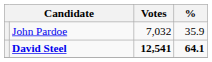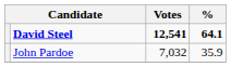 <table class="wikitable">
 <tr>
 <th colspan="2" style="width: 170px">Candidate</th>
 <th style="width: 50px">Votes</th>
 <th style="width: 40px">%</th>
 </tr>
 <tr>
 <th style="background-color: "></th>
+<td style="width: 170px"><strong><a href='#'>David Steel</a></strong></td>
+<td align="right"><strong>12,541</strong></td>
+<td align="right"><strong>64.1</strong></td>
+</tr>
+<tr>
+<th style="background-color: "></th>
 <td style="width: 170px"><a href='#'>John Pardoe</a></td>
 <td align="right">7,032</td>
 <td align="right">35.9</td>
 </tr>
 <tr>
-<th style="background-color: "></th>
-<td style="width: 170px"><strong><a href='#'>David Steel</a></strong></td>
-<td align="right"><strong>12,541</strong></td>
-<td align="right"><strong>64.1</strong></td>
-</tr>
-<tr>
 </tr>
 </table>
